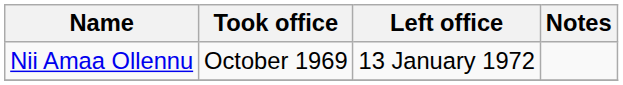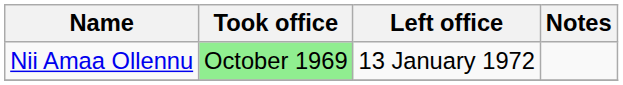 <table class="wikitable">
 <tr>
 <th>Name</th>
 <th>Took office</th>
 <th>Left office</th>
 <th>Notes</th>
 </tr>
 <tr>
 <td><a href='#'>Nii Amaa Ollennu</a></td>
-<td>October 1969</td>
+<td style="background: lightgreen;">October 1969</td>
 <td>13 January 1972</td>
 <td></td>
 </tr>
 <tr>
 </tr>
 </table>
